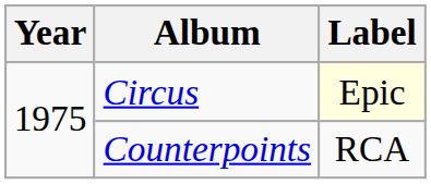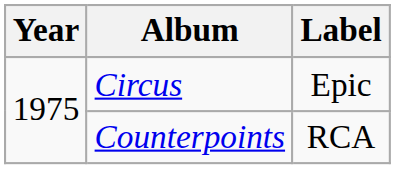 <table class="wikitable">
 <tr>
 <th>Year</th>
 <th>Album</th>
 <th>Label</th>
 </tr>
 <tr>
 <td rowspan="2">1975</td>
 <td><em><a href='#'>Circus</a></em></td>
-<td style="background: lightyellow; text-align:center;">Epic</td>
+<td style="text-align:center;">Epic</td>
 </tr>
 <tr>
 <td><em><a href='#'>Counterpoints</a></em></td>
 <td style="text-align:center;">RCA</td>
 </tr>
 </table>
